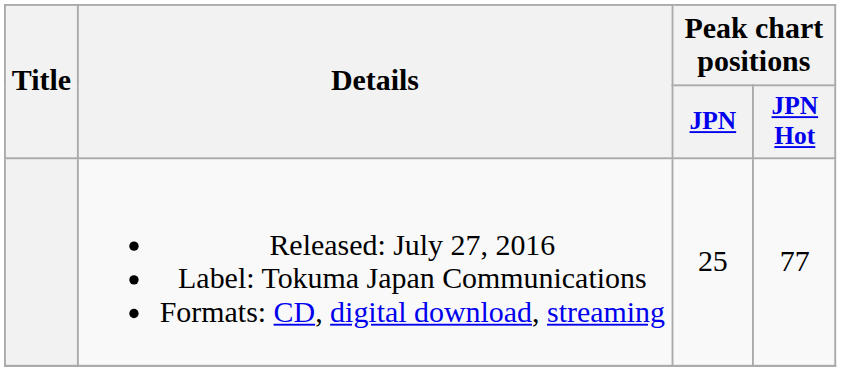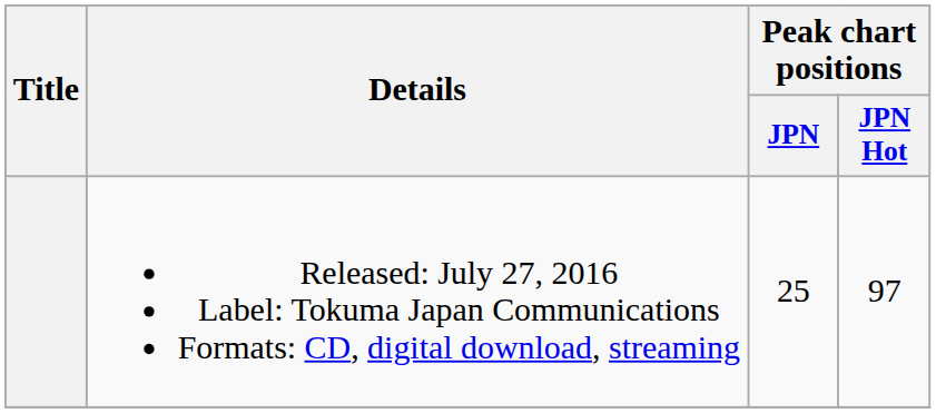 <table class="wikitable plainrowheaders" style="text-align:center;">
 <tr>
 <th scope="col" rowspan="2">Title</th>
 <th scope="col" rowspan="2">Details</th>
 <th scope="col" colspan="2">Peak chart positions</th>
 </tr>
 <tr>
 <th scope="col" style="width:2.75em;font-size:85%;"><a href='#'>JPN</a><br></th>
 <th scope="col" style="width:2.75em;font-size:85%;"><a href='#'>JPN Hot</a><br></th>
 </tr>
 <tr>
 <th scope="row"></th>
 <td><br><ul><li>Released: July 27, 2016</li><li>Label: Tokuma Japan Communications</li><li>Formats: <a href='#'>CD</a>, <a href='#'>digital download</a>, <a href='#'>streaming</a></li></ul></td>
 <td>25</td>
-<td>77</td>
+<td>97</td>
 </tr>
 <tr>
 </tr>
 </table>
